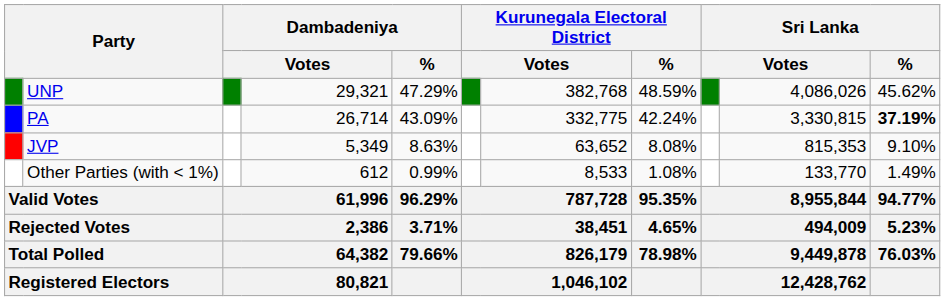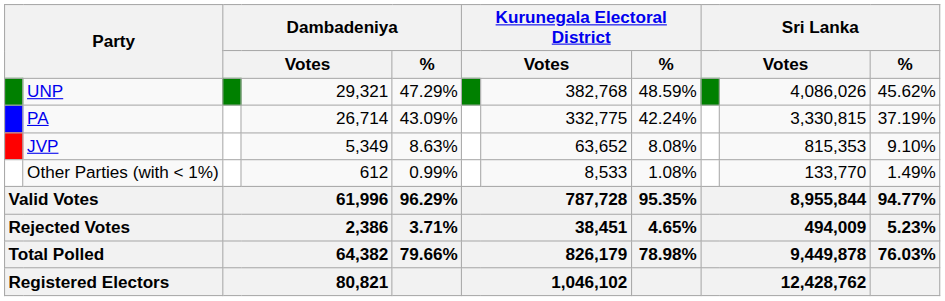 <table class="wikitable">
 <tr>
 <th colspan="2" width="144px"rowspan="2">Party</th>
 <th colspan="3" width="216px">Dambadeniya</th>
 <th colspan="3" width="216px"><a href='#'>Kurunegala Electoral District</a></th>
 <th colspan="3" width="216px">Sri Lanka</th>
 </tr>
 <tr>
 <th colspan="2" width="144px">Votes</th>
 <th>%</th>
 <th colspan="2" width="144px">Votes</th>
 <th>%</th>
 <th colspan="2" width="144px">Votes</th>
 <th>%</th>
 </tr>
 <tr>
 <td style="background-color:green;" width="10px"></td>
 <td style="text-align:left;"><a href='#'>UNP</a></td>
 <td style="background-color:green;" width="10px"></td>
 <td style="text-align:right;">29,321</td>
 <td style="text-align:right;">47.29%</td>
 <td style="background-color:green;" width="10px"></td>
 <td style="text-align:right;">382,768</td>
 <td style="text-align:right;">48.59%</td>
 <td style="background-color:green;" width="10px"></td>
 <td style="text-align:right;">4,086,026</td>
 <td style="text-align:right;">45.62%</td>
 </tr>
 <tr>
 <td style="background-color:blue;" width="10px"></td>
 <td style="text-align:left;"><a href='#'>PA</a></td>
 <td style="background-color:white;" width="10px"></td>
 <td style="text-align:right;">26,714</td>
 <td style="text-align:right;">43.09%</td>
 <td style="background-color:white;" width="10px"></td>
 <td style="text-align:right;">332,775</td>
 <td style="text-align:right;">42.24%</td>
 <td style="background-color:white;" width="10px"></td>
 <td style="text-align:right;">3,330,815</td>
-<td style="text-align:right;"><strong>37.19%</strong></td>
+<td style="text-align:right;">37.19%</td>
 </tr>
 <tr>
 <td style="background-color:red;" width="10px"></td>
 <td style="text-align:left;"><a href='#'>JVP</a></td>
 <td style="background-color:white;" width="10px"></td>
 <td style="text-align:right;">5,349</td>
 <td style="text-align:right;">8.63%</td>
 <td style="background-color:white;" width="10px"></td>
 <td style="text-align:right;">63,652</td>
 <td style="text-align:right;">8.08%</td>
 <td style="background-color:white;" width="10px"></td>
 <td style="text-align:right;">815,353</td>
 <td style="text-align:right;">9.10%</td>
 </tr>
 <tr>
 <td style="background-color:white;" width="10px"></td>
 <td style="text-align:left;">Other Parties (with < 1%)</td>
 <td style="background-color:white;" width="10px"></td>
 <td style="text-align:right;">612</td>
 <td style="text-align:right;">0.99%</td>
 <td style="background-color:white;" width="10px"></td>
 <td style="text-align:right;">8,533</td>
 <td style="text-align:right;">1.08%</td>
 <td style="background-color:white;" width="10px"></td>
 <td style="text-align:right;">133,770</td>
 <td style="text-align:right;">1.49%</td>
 </tr>
 <tr>
 <th colspan="2" width="144px"style="text-align:left;">Valid Votes</th>
 <th style="text-align:right;"colspan="2" width="144px">61,996</th>
 <th style="text-align:right;">96.29%</th>
 <th style="text-align:right;"colspan="2" width="144px">787,728</th>
 <th style="text-align:right;">95.35%</th>
 <th style="text-align:right;"colspan="2" width="144px">8,955,844</th>
 <th style="text-align:right;">94.77%</th>
 </tr>
 <tr>
 <th colspan="2" width="144px"style="text-align:left;">Rejected Votes</th>
 <th style="text-align:right;"colspan="2" width="144px">2,386</th>
 <th style="text-align:right;">3.71%</th>
 <th style="text-align:right;"colspan="2" width="144px">38,451</th>
 <th style="text-align:right;">4.65%</th>
 <th style="text-align:right;"colspan="2" width="144px">494,009</th>
 <th style="text-align:right;">5.23%</th>
 </tr>
 <tr>
 <th colspan="2" width="144px"style="text-align:left;">Total Polled</th>
 <th style="text-align:right;"colspan="2" width="144px">64,382</th>
 <th style="text-align:right;">79.66%</th>
 <th style="text-align:right;"colspan="2" width="144px">826,179</th>
 <th style="text-align:right;">78.98%</th>
 <th style="text-align:right;"colspan="2" width="144px">9,449,878</th>
 <th style="text-align:right;">76.03%</th>
 </tr>
 <tr>
 <th colspan="2" width="144px"style="text-align:left;">Registered Electors</th>
 <th style="text-align:right;"colspan="2" width="144px">80,821</th>
 <th></th>
 <th style="text-align:right;"colspan="2" width="144px">1,046,102</th>
 <th></th>
 <th style="text-align:right;"colspan="2" width="144px">12,428,762</th>
 <th></th>
 </tr>
 </table>
